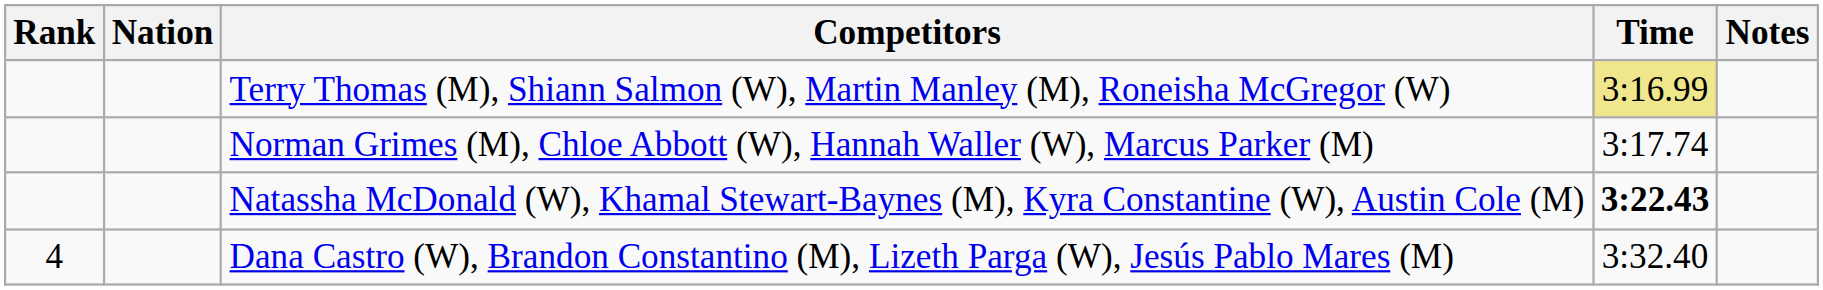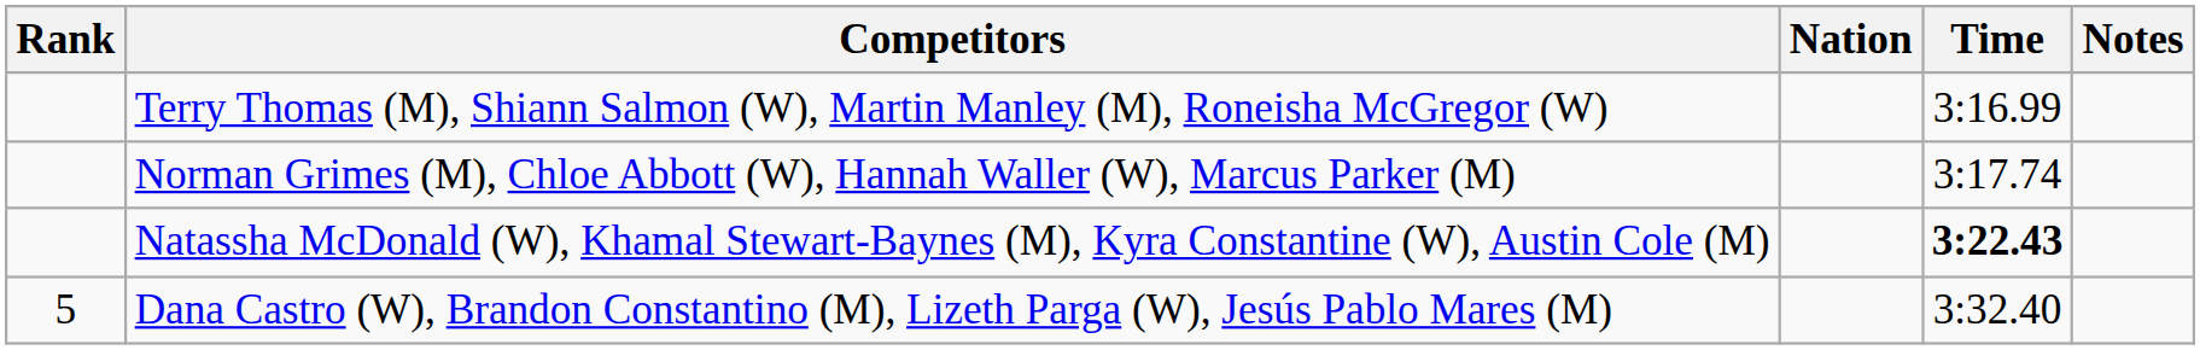 <table class="wikitable sortable" style="text-align:center">
 <tr>
 <th>Rank</th>
+<th>Competitors</th>
 <th>Nation</th>
-<th>Competitors</th>
 <th>Time</th>
 <th>Notes</th>
 </tr>
 <tr>
 <td></td>
+<td align=left><a href='#'>Terry Thomas</a> (M), <a href='#'>Shiann Salmon</a> (W), <a href='#'>Martin Manley</a> (M), <a href='#'>Roneisha McGregor</a> (W)</td>
 <td align=left></td>
-<td align=left><a href='#'>Terry Thomas</a> (M), <a href='#'>Shiann Salmon</a> (W), <a href='#'>Martin Manley</a> (M), <a href='#'>Roneisha McGregor</a> (W)</td>
-<td style="background: khaki;">3:16.99</td>
+<td>3:16.99</td>
 <td></td>
 </tr>
 <tr>
 <td></td>
+<td align=left><a href='#'>Norman Grimes</a> (M), <a href='#'>Chloe Abbott</a> (W), <a href='#'>Hannah Waller</a> (W), <a href='#'>Marcus Parker</a> (M)</td>
 <td align=left></td>
-<td align=left><a href='#'>Norman Grimes</a> (M), <a href='#'>Chloe Abbott</a> (W), <a href='#'>Hannah Waller</a> (W), <a href='#'>Marcus Parker</a> (M)</td>
 <td>3:17.74</td>
 <td></td>
 </tr>
 <tr>
 <td></td>
+<td align=left><a href='#'>Natassha McDonald</a> (W), <a href='#'>Khamal Stewart-Baynes</a> (M), <a href='#'>Kyra Constantine</a> (W), <a href='#'>Austin Cole</a> (M)</td>
 <td align=left></td>
-<td align=left><a href='#'>Natassha McDonald</a> (W), <a href='#'>Khamal Stewart-Baynes</a> (M), <a href='#'>Kyra Constantine</a> (W), <a href='#'>Austin Cole</a> (M)</td>
 <td><strong>3:22.43</strong></td>
 <td></td>
 </tr>
 <tr>
-<td>4</td>
+<td>5</td>
+<td align=left><a href='#'>Dana Castro</a> (W), <a href='#'>Brandon Constantino</a> (M), <a href='#'>Lizeth Parga</a> (W), <a href='#'>Jesús Pablo Mares</a> (M)</td>
 <td align=left></td>
-<td align=left><a href='#'>Dana Castro</a> (W), <a href='#'>Brandon Constantino</a> (M), <a href='#'>Lizeth Parga</a> (W), <a href='#'>Jesús Pablo Mares</a> (M)</td>
 <td>3:32.40</td>
 <td></td>
 </tr>
 </table>
